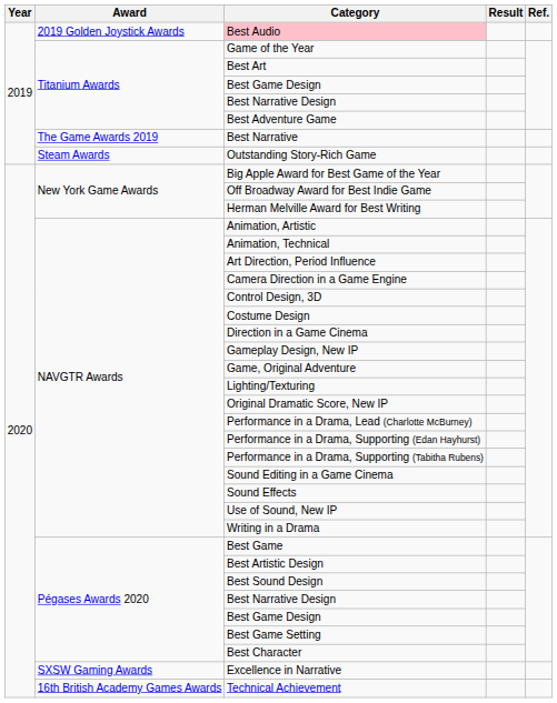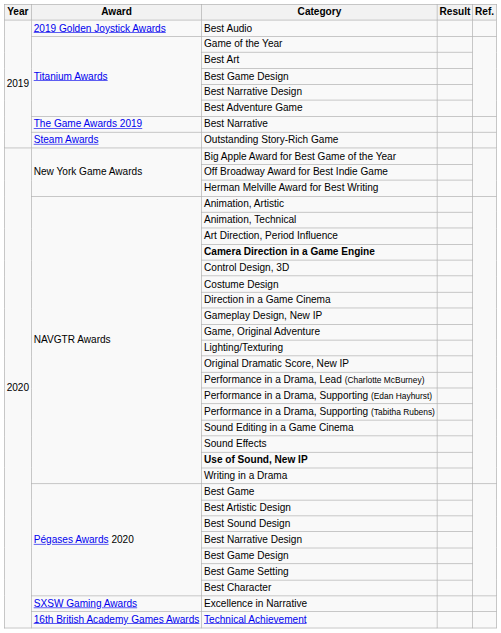 <table class="wikitable sortable">
 <tr>
 <th>Year</th>
 <th>Award</th>
 <th>Category</th>
 <th>Result</th>
 <th>Ref.</th>
 </tr>
 <tr>
 <td style="text-align:center;" rowspan="8">2019</td>
 <td><a href='#'>2019 Golden Joystick Awards</a></td>
-<td style="background: pink;">Best Audio</td>
+<td>Best Audio</td>
 <td></td>
 <td style="text-align:center;"></td>
 </tr>
 <tr>
 <td rowspan="5"><a href='#'>Titanium Awards</a></td>
 <td>Game of the Year</td>
 <td></td>
 <td rowspan="5" style="text-align:center;"></td>
 </tr>
 <tr>
 <td>Best Art</td>
 <td></td>
 </tr>
 <tr>
 <td>Best Game Design</td>
 <td></td>
 </tr>
 <tr>
 <td>Best Narrative Design</td>
 <td></td>
 </tr>
 <tr>
 <td>Best Adventure Game</td>
 <td></td>
 </tr>
 <tr>
 <td><a href='#'>The Game Awards 2019</a></td>
 <td>Best Narrative</td>
 <td></td>
 <td style="text-align:center;"></td>
 </tr>
 <tr>
 <td><a href='#'>Steam Awards</a></td>
 <td>Outstanding Story-Rich Game</td>
 <td></td>
 <td style="text-align:center;"></td>
 </tr>
 <tr>
 <td style="text-align:center;" rowspan="30">2020</td>
 <td rowspan="3">New York Game Awards</td>
 <td>Big Apple Award for Best Game of the Year</td>
 <td></td>
 <td rowspan="3" style="text-align:center;"></td>
 </tr>
 <tr>
 <td>Off Broadway Award for Best Indie Game</td>
 <td></td>
 </tr>
 <tr>
 <td>Herman Melville Award for Best Writing</td>
 <td></td>
 </tr>
 <tr>
 <td rowspan="18">NAVGTR Awards</td>
 <td>Animation, Artistic</td>
 <td></td>
 <td rowspan="18" style="text-align:center;"><br></td>
 </tr>
 <tr>
 <td>Animation, Technical</td>
 <td></td>
 </tr>
 <tr>
 <td>Art Direction, Period Influence</td>
 <td></td>
 </tr>
 <tr>
-<td>Camera Direction in a Game Engine</td>
+<td><strong>Camera Direction in a Game Engine</strong></td>
 <td></td>
 </tr>
 <tr>
 <td>Control Design, 3D</td>
 <td></td>
 </tr>
 <tr>
 <td>Costume Design</td>
 <td></td>
 </tr>
 <tr>
 <td>Direction in a Game Cinema</td>
 <td></td>
 </tr>
 <tr>
 <td>Gameplay Design, New IP</td>
 <td></td>
 </tr>
 <tr>
 <td>Game, Original Adventure</td>
 <td></td>
 </tr>
 <tr>
 <td>Lighting/Texturing</td>
 <td></td>
 </tr>
 <tr>
 <td>Original Dramatic Score, New IP</td>
 <td></td>
 </tr>
 <tr>
 <td>Performance in a Drama, Lead <small>(Charlotte McBurney)</small></td>
 <td></td>
 </tr>
 <tr>
 <td>Performance in a Drama, Supporting <small>(Edan Hayhurst)</small></td>
 <td></td>
 </tr>
 <tr>
 <td>Performance in a Drama, Supporting <small>(Tabitha Rubens)</small></td>
 <td></td>
 </tr>
 <tr>
 <td>Sound Editing in a Game Cinema</td>
 <td></td>
 </tr>
 <tr>
 <td>Sound Effects</td>
 <td></td>
 </tr>
 <tr>
-<td>Use of Sound, New IP</td>
+<td><strong>Use of Sound, New IP</strong></td>
 <td></td>
 </tr>
 <tr>
 <td>Writing in a Drama</td>
 <td></td>
 </tr>
 <tr>
 <td rowspan="7"><a href='#'>Pégases Awards</a> 2020</td>
 <td>Best Game</td>
 <td></td>
 <td rowspan="7" style="text-align:center;"><br></td>
 </tr>
 <tr>
 <td>Best Artistic Design</td>
 <td></td>
 </tr>
 <tr>
 <td>Best Sound Design</td>
 <td></td>
 </tr>
 <tr>
 <td>Best Narrative Design</td>
 <td></td>
 </tr>
 <tr>
 <td>Best Game Design</td>
 <td></td>
 </tr>
 <tr>
 <td>Best Game Setting</td>
 <td></td>
 </tr>
 <tr>
 <td>Best Character</td>
 <td></td>
 </tr>
 <tr>
 <td><a href='#'>SXSW Gaming Awards</a></td>
 <td>Excellence in Narrative</td>
 <td></td>
 <td style="text-align:center;"></td>
 </tr>
 <tr>
 <td><a href='#'>16th British Academy Games Awards</a></td>
 <td><a href='#'>Technical Achievement</a></td>
 <td></td>
 <td style="text-align:center;"></td>
 </tr>
 </table>
